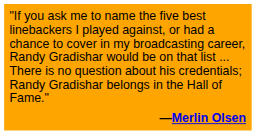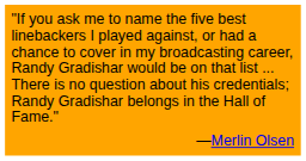 <table class="toccolours" style="float: right; margin-left: 1em; margin-right: 2em; font-size: 85%; background:orange; width:20em;" cellspacing="5">
 <tr>
 <td style="text-align: left;">"If you ask me to name the five best linebackers I played against, or had a chance to cover in my broadcasting career, Randy Gradishar would be on that list ... There is no question about his credentials; Randy Gradishar belongs in the Hall of Fame."</td>
 </tr>
 <tr>
-<td style="text-align: right;"><strong>—<a href='#'>Merlin Olsen</a></strong></td>
+<td style="text-align: right;">—<a href='#'>Merlin Olsen</a></td>
 </tr>
 </table>
